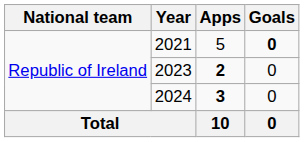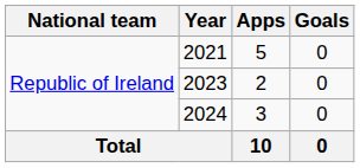 <table class=wikitable style=text-align:center>
 <tr>
 <th>National team</th>
 <th>Year</th>
 <th>Apps</th>
 <th>Goals</th>
 </tr>
 <tr>
 <td rowspan=3><a href='#'>Republic of Ireland</a></td>
 <td>2021</td>
 <td>5</td>
-<td><strong>0</strong></td>
+<td>0</td>
 </tr>
 <tr>
 <td>2023</td>
-<td><strong>2</strong></td>
+<td>2</td>
 <td>0</td>
 </tr>
 <tr>
 <td>2024</td>
-<td><strong>3</strong></td>
+<td>3</td>
 <td>0</td>
 </tr>
 <tr>
 <th colspan=2>Total</th>
 <th>10</th>
 <th>0</th>
 </tr>
 </table>
